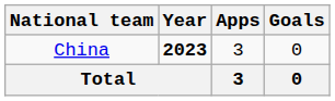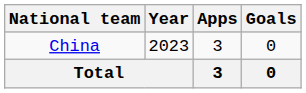 <table class="wikitable" style="text-align:center">
 <tr>
 <th>National team</th>
 <th>Year</th>
 <th>Apps</th>
 <th>Goals</th>
 </tr>
 <tr>
 <td><a href='#'>China</a></td>
-<td><strong>2023</strong></td>
+<td>2023</td>
 <td>3</td>
 <td>0</td>
 </tr>
 <tr>
 <th colspan="2">Total</th>
 <th>3</th>
 <th>0</th>
 </tr>
 </table>
